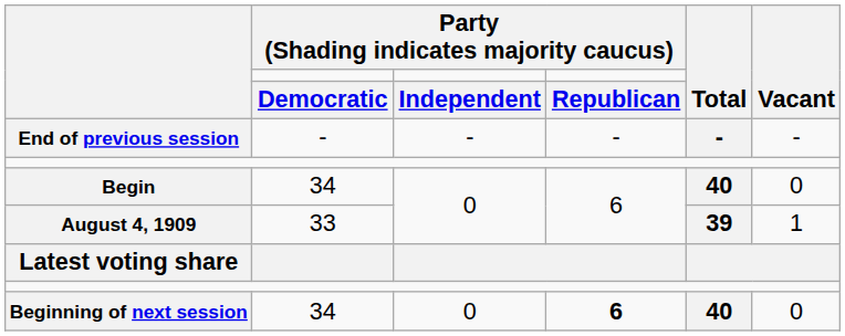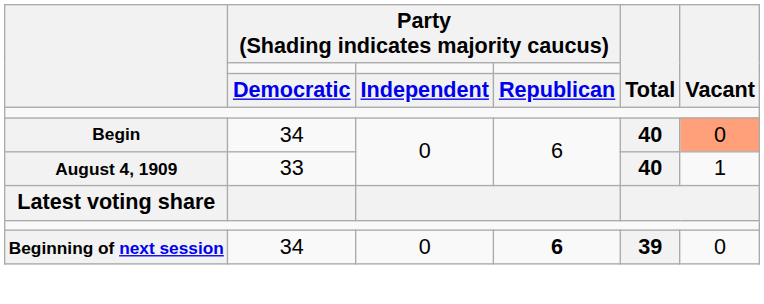 <table class=wikitable style="text-align:center">
 <tr style="vertical-align:bottom;">
 <th rowspan=3></th>
 <th colspan=3>Party <div>(Shading indicates majority caucus)</div></th>
 <th rowspan=3>Total</th>
 <th rowspan=3>Vacant</th>
 </tr>
 <tr style="height:5px">
 <td style="background-color:"></td>
 <td style="background-color:"></td>
 <td style="background-color:"></td>
 </tr>
 <tr>
 <th><a href='#'>Democratic</a></th>
 <th><a href='#'>Independent</a></th>
 <th><a href='#'>Republican</a></th>
 </tr>
 <tr>
-<th nowrap style="font-size:80%">End of <a href='#'>previous session</a></th>
-<td>-</td>
-<td>-</td>
-<td>-</td>
-<th>-</th>
-<td>-</td>
-</tr>
-<tr>
 <td colspan=6></td>
 </tr>
 <tr>
 <th style="font-size:80%">Begin</th>
 <td>34</td>
 <td rowspan=2>0</td>
 <td rowspan=2>6</td>
 <th>40</th>
-<td>0</td>
+<td style="background: lightsalmon;">0</td>
 </tr>
 <tr>
 <th style="font-size:80%">August 4, 1909 </th>
 <td>33</td>
-<th>39</th>
+<th>40</th>
 <td>1</td>
 </tr>
 <tr>
 <th>Latest voting share</th>
 <th></th>
 <th colspan=2></th>
 <th colspan=2></th>
 </tr>
 <tr>
 <td colspan=6></td>
 </tr>
 <tr>
 <th style="white-space:nowrap; font-size:80%;">Beginning of <a href='#'>next session</a></th>
 <td>34</td>
 <td>0</td>
 <td><strong>6</strong></td>
-<th>40</th>
+<th>39</th>
 <td>0</td>
 </tr>
 </table>
